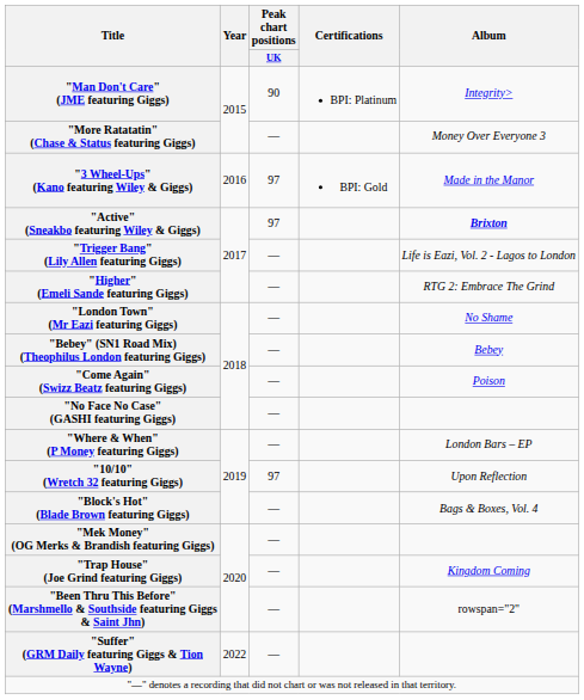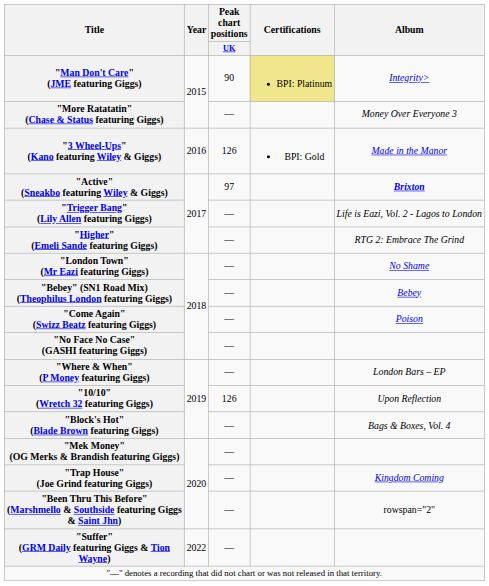 <table class="wikitable plainrowheaders" style="text-align:center;" border="1">
 <tr>
 <th scope="col" rowspan="2" style="width:18em;">Title</th>
 <th scope="col" rowspan="2">Year</th>
 <th scope="col" colspan="1">Peak chart positions</th>
 <th scope="col" rowspan="2">Certifications</th>
 <th scope="col" rowspan="2">Album</th>
 </tr>
 <tr>
 <th scope="col" style="width:3em;font-size:85%;"><a href='#'>UK</a><br></th>
 </tr>
 <tr>
 <th scope="row">"<a href='#'>Man Don't Care</a>"<br><span>(<a href='#'>JME</a> featuring Giggs)</span></th>
 <td rowspan="2">2015</td>
 <td>90</td>
-<td><br><ul><li>BPI: Platinum</li></ul></td>
+<td style="background: khaki;"><br><ul><li>BPI: Platinum</li></ul></td>
 <td><em><a href='#'>Integrity></a></em></td>
 </tr>
 <tr>
 <th scope="row">"More Ratatatin"<br><span>(<a href='#'>Chase & Status</a> featuring Giggs)</span></th>
 <td>—</td>
 <td></td>
 <td><em>Money Over Everyone 3</em></td>
 </tr>
 <tr>
 <th scope="row">"<a href='#'>3 Wheel-Ups</a>"<br><span>(<a href='#'>Kano</a> featuring <a href='#'>Wiley</a> & Giggs)</span></th>
 <td>2016</td>
-<td>97</td>
+<td>126</td>
 <td><br><ul><li>BPI: Gold</li></ul></td>
 <td><em><a href='#'>Made in the Manor</a></em></td>
 </tr>
 <tr>
 <th scope="row">"Active"<br><span>(<a href='#'>Sneakbo</a> featuring <a href='#'>Wiley</a> & Giggs)</span></th>
 <td rowspan="3">2017</td>
 <td>97</td>
 <td></td>
 <td><strong><em><a href='#'>Brixton</a></em></strong></td>
 </tr>
 <tr>
 <th scope="row">"<a href='#'>Trigger Bang</a>"<br><span>(<a href='#'>Lily Allen</a> featuring Giggs)</span></th>
 <td>—</td>
 <td></td>
 <td><em>Life is Eazi, Vol. 2 - Lagos to London</em></td>
 </tr>
 <tr>
 <th scope="row">"<a href='#'>Higher</a>"<br><span>(<a href='#'>Emeli Sande</a> featuring Giggs)</span></th>
 <td>—</td>
 <td></td>
 <td><em>RTG 2: Embrace The Grind</em></td>
 </tr>
 <tr>
 <th scope="row">"London Town"<br><span>(<a href='#'>Mr Eazi</a> featuring Giggs)</span></th>
 <td rowspan="4">2018</td>
 <td>—</td>
 <td></td>
 <td><em><a href='#'>No Shame</a></em></td>
 </tr>
 <tr>
 <th scope="row">"Bebey" <span>(SN1 Road Mix)</span><br><span>(<a href='#'>Theophilus London</a> featuring Giggs)</span></th>
 <td>—</td>
 <td></td>
 <td><em><a href='#'>Bebey</a></em></td>
 </tr>
 <tr>
 <th scope="row">"Come Again"<br><span>(<a href='#'>Swizz Beatz</a> featuring Giggs)</span></th>
 <td>—</td>
 <td></td>
 <td><em><a href='#'>Poison</a></em></td>
 </tr>
 <tr>
 <th scope="row">"No Face No Case"<br><span>(GASHI featuring Giggs)</span></th>
 <td>—</td>
 <td></td>
 <td></td>
 </tr>
 <tr>
 <th scope="row">"Where & When"<br><span>(<a href='#'>P Money</a> featuring Giggs)</span></th>
 <td rowspan="3">2019</td>
 <td>—</td>
 <td></td>
 <td><em>London Bars – EP</em></td>
 </tr>
 <tr>
 <th scope="row">"10/10"<br><span>(<a href='#'>Wretch 32</a> featuring Giggs)</span></th>
-<td>97</td>
+<td>126</td>
 <td></td>
 <td><em>Upon Reflection</em></td>
 </tr>
 <tr>
 <th scope="row">"Block's Hot"<br><span>(<a href='#'>Blade Brown</a> featuring Giggs)</span></th>
 <td>—</td>
 <td></td>
 <td><em>Bags & Boxes, Vol. 4</em></td>
 </tr>
 <tr>
 <th scope="row">"Mek Money"<br><span>(OG Merks & Brandish featuring Giggs)</span></th>
 <td rowspan="3">2020</td>
 <td>—</td>
 <td></td>
 <td></td>
 </tr>
 <tr>
 <th scope="row">"Trap House"<br><span>(Joe Grind featuring Giggs)</span></th>
 <td>—</td>
 <td></td>
 <td scope="row"><em><a href='#'>Kingdom Coming</a></em></td>
 </tr>
 <tr>
 <th scope="row">"Been Thru This Before"<br><span>(<a href='#'>Marshmello</a> & <a href='#'>Southside</a> featuring Giggs & <a href='#'>Saint Jhn</a>)</span></th>
 <td>—</td>
 <td></td>
 <td>rowspan="2" </td>
 </tr>
 <tr>
 <th scope="row">"Suffer" <br><span>(<a href='#'>GRM Daily</a> featuring Giggs & <a href='#'>Tion Wayne</a>)</span></th>
 <td>2022</td>
 <td>—</td>
 <td></td>
 </tr>
 <tr>
 <td colspan="15" style="font-size:90%">"—" denotes a recording that did not chart or was not released in that territory.</td>
 </tr>
 </table>
